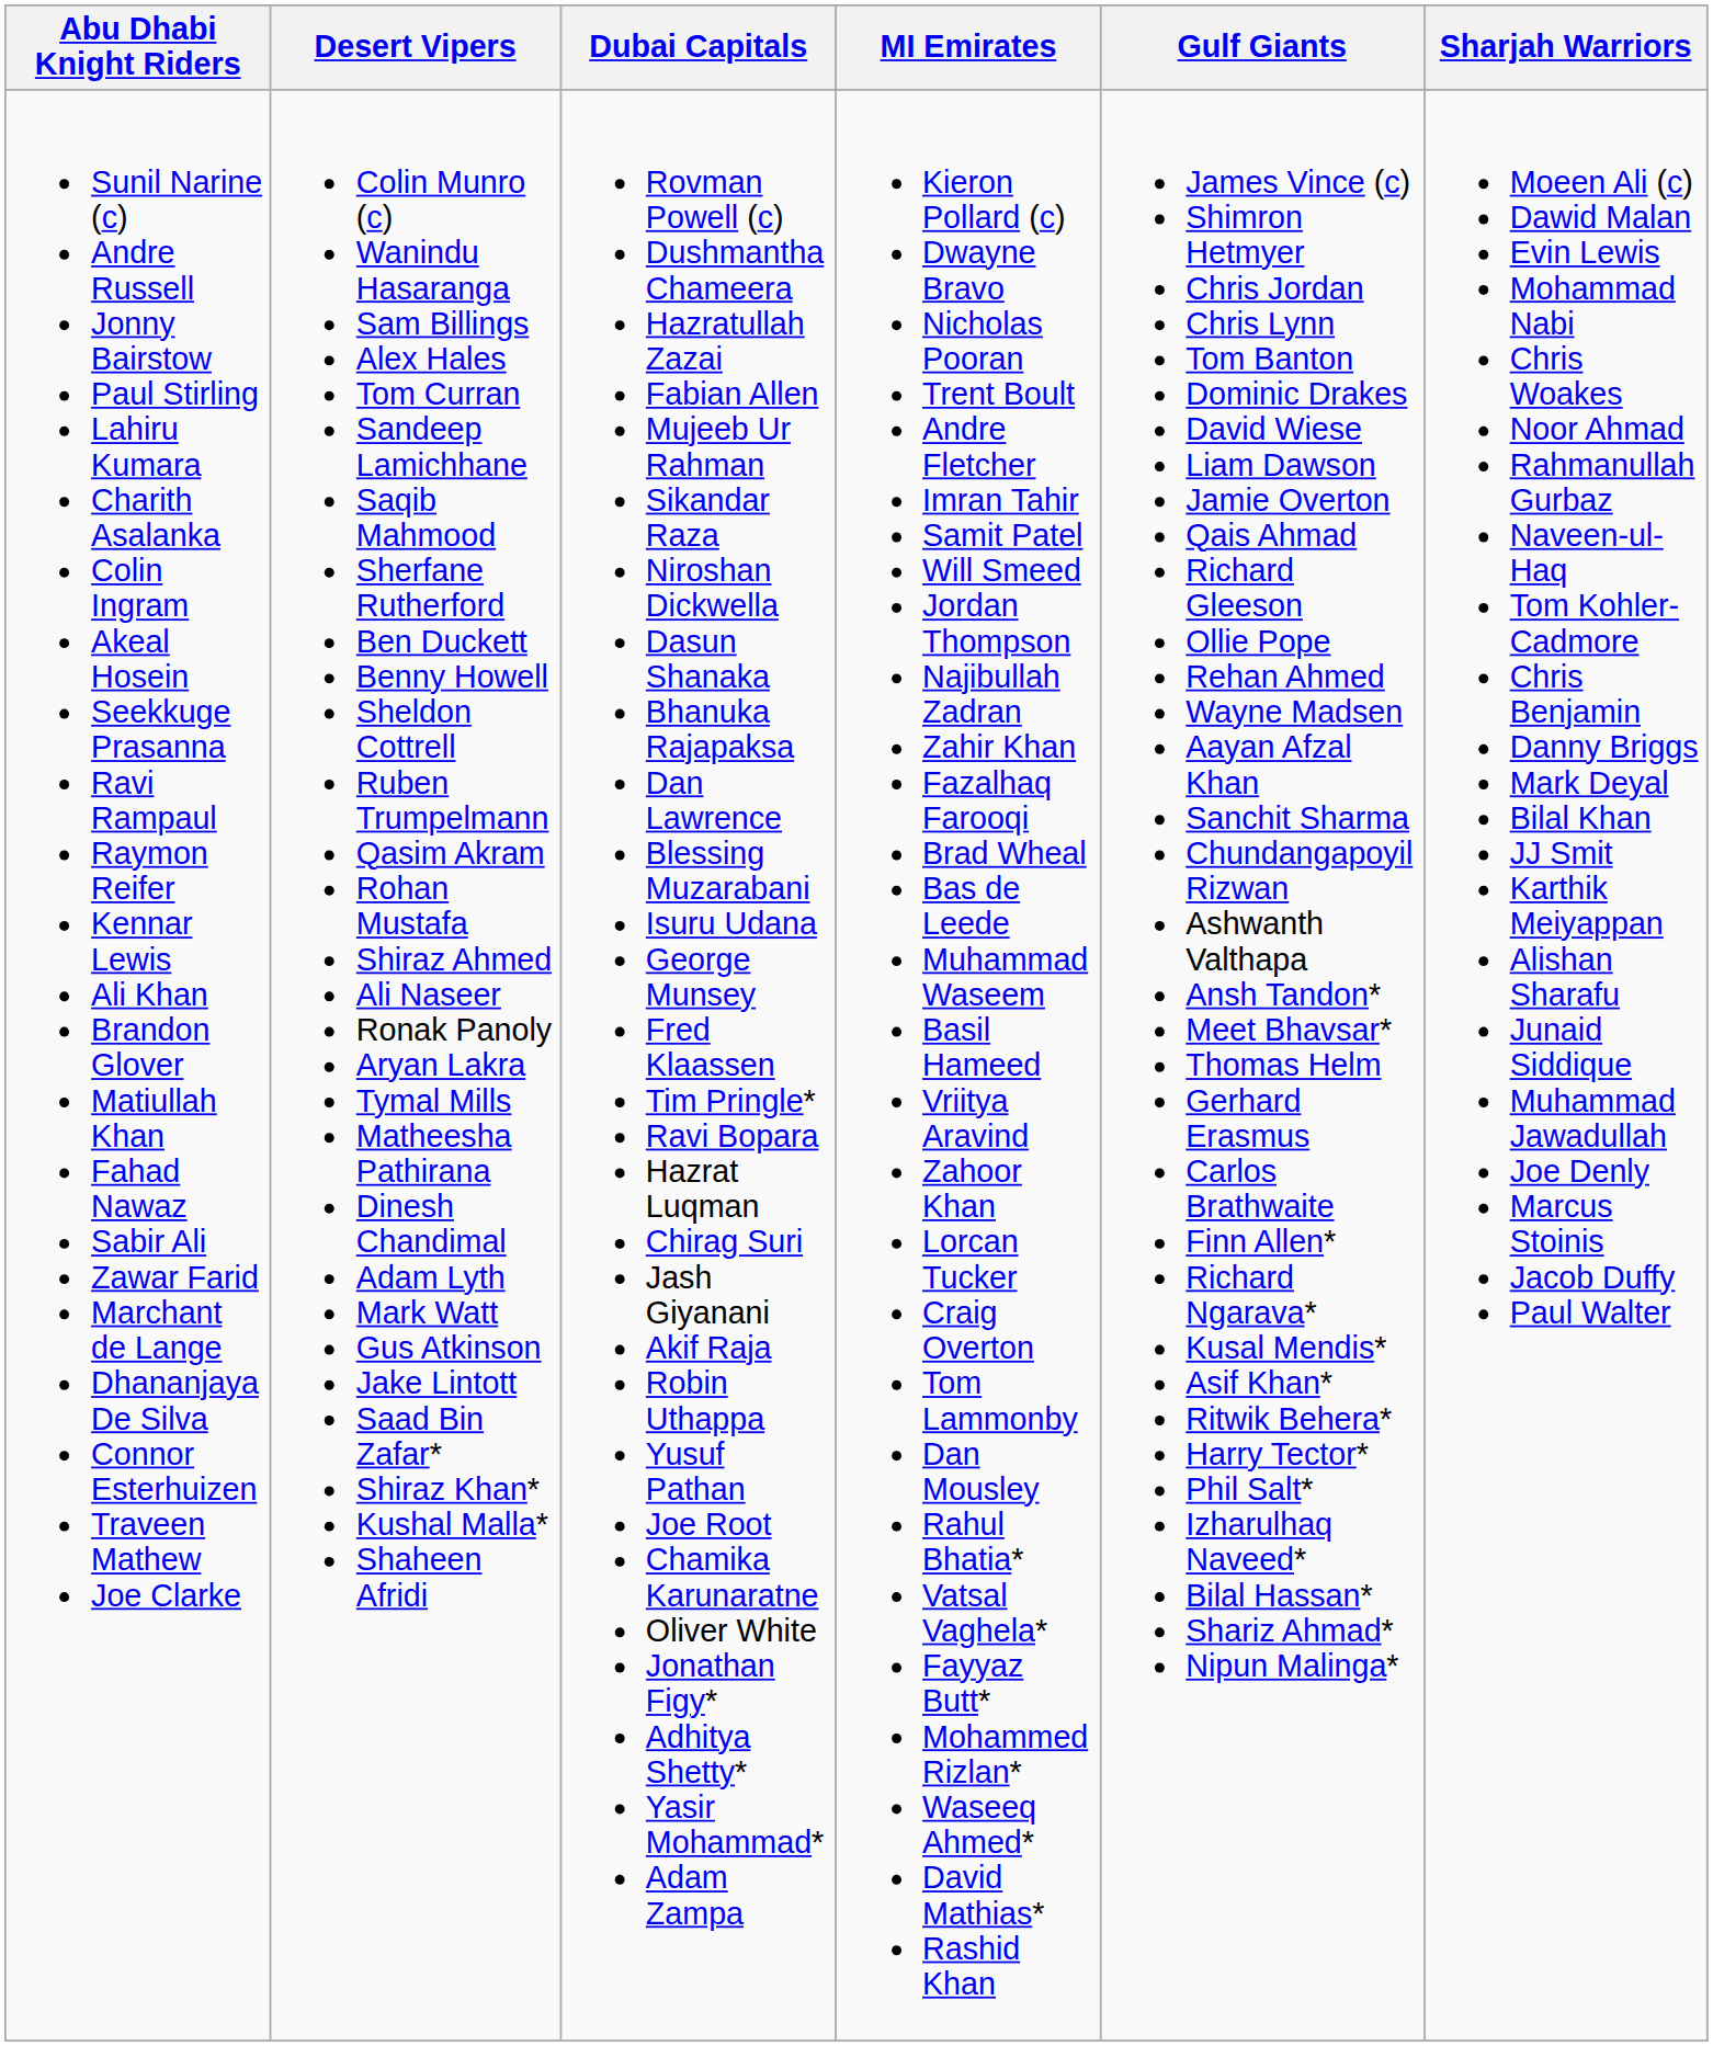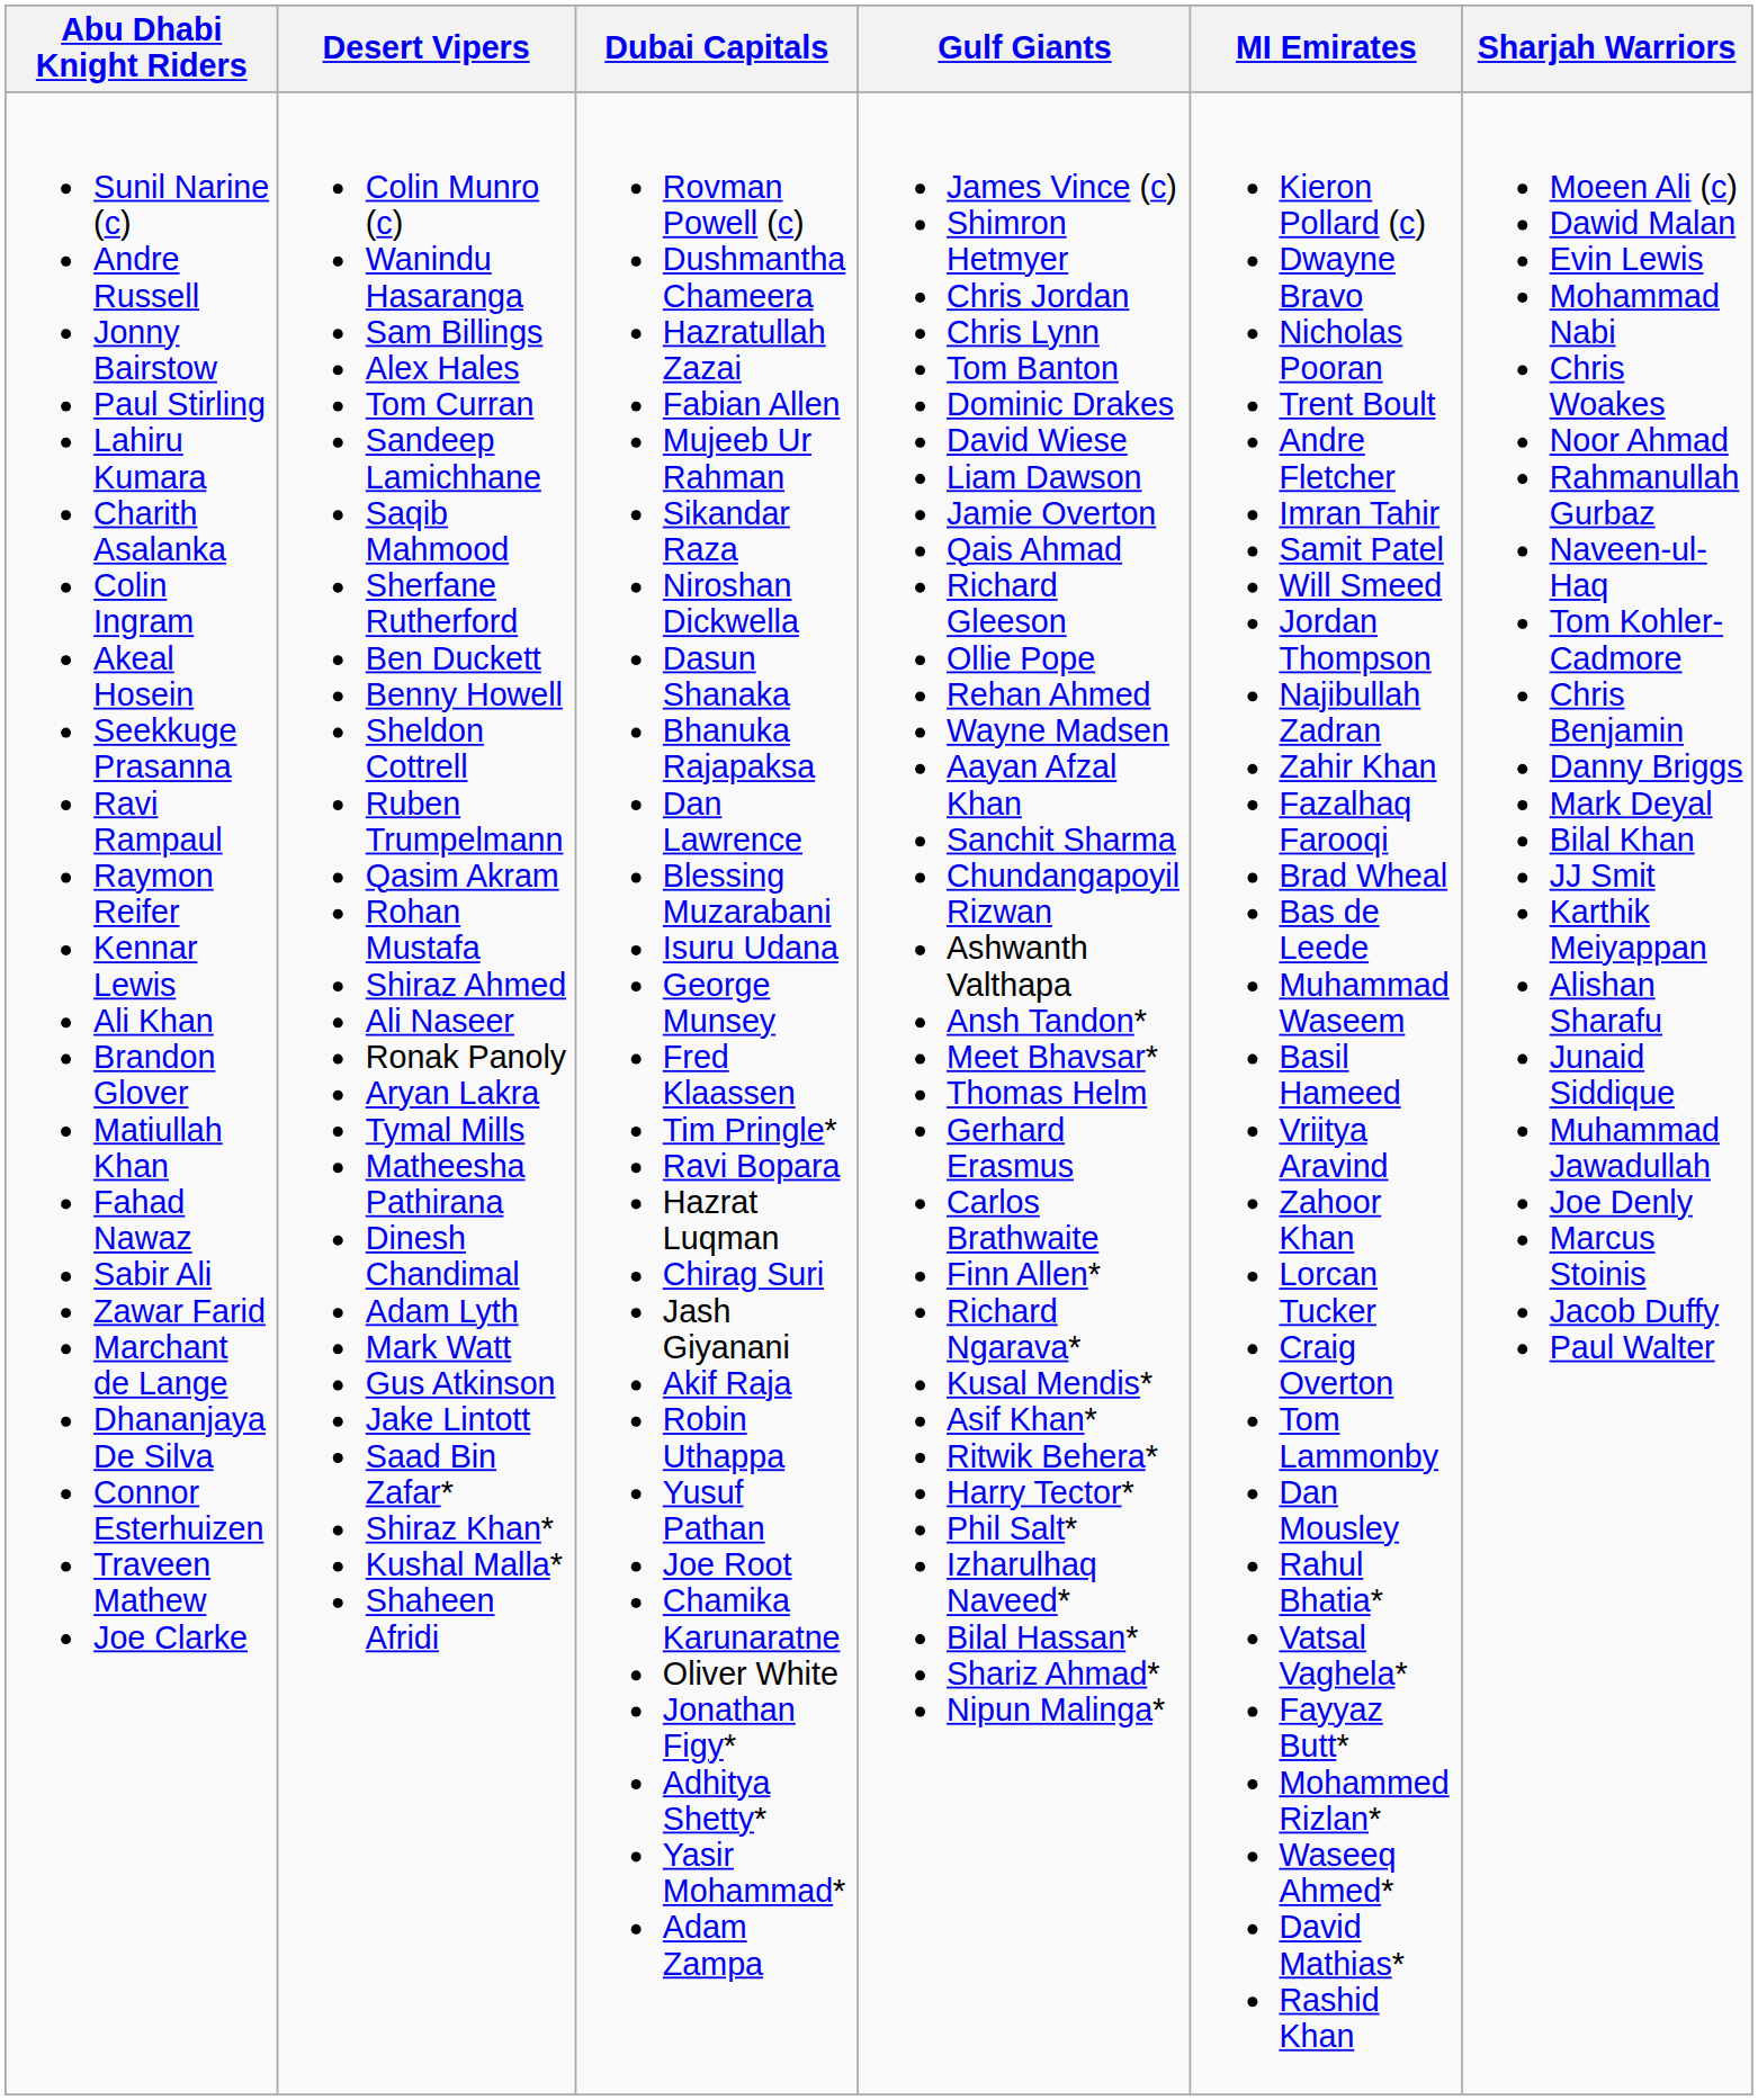 <table class="wikitable">
 <tr>
 <th><a href='#'>Abu Dhabi Knight Riders</a><br><small></small></th>
 <th><a href='#'>Desert Vipers</a><br><small></small></th>
 <th><a href='#'>Dubai Capitals</a><br><small></small></th>
+<th><a href='#'>Gulf Giants</a><br><small></small></th>
 <th><a href='#'>MI Emirates</a><br><small></small></th>
-<th><a href='#'>Gulf Giants</a><br><small></small></th>
 <th><a href='#'>Sharjah Warriors</a><br><small></small></th>
 </tr>
 <tr>
 <td valign="top"><br><ul><li><a href='#'>Sunil Narine</a> (<a href='#'>c</a>)</li><li><a href='#'>Andre Russell</a></li><li><a href='#'>Jonny Bairstow</a></li><li><a href='#'>Paul Stirling</a></li><li><a href='#'>Lahiru Kumara</a></li><li><a href='#'>Charith Asalanka</a></li><li><a href='#'>Colin Ingram</a></li><li><a href='#'>Akeal Hosein</a></li><li><a href='#'>Seekkuge Prasanna</a></li><li><a href='#'>Ravi Rampaul</a></li><li><a href='#'>Raymon Reifer</a></li><li><a href='#'>Kennar Lewis</a></li><li><a href='#'>Ali Khan</a></li><li><a href='#'>Brandon Glover</a></li><li><a href='#'>Matiullah Khan</a></li><li><a href='#'>Fahad Nawaz</a></li><li><a href='#'>Sabir Ali</a></li><li><a href='#'>Zawar Farid</a></li><li><a href='#'>Marchant de Lange</a></li><li><a href='#'>Dhananjaya De Silva</a></li><li><a href='#'>Connor Esterhuizen</a></li><li><a href='#'>Traveen Mathew</a></li><li><a href='#'>Joe Clarke</a></li></ul></td>
 <td valign="top"><br><ul><li><a href='#'>Colin Munro</a> (<a href='#'>c</a>)</li><li><a href='#'>Wanindu Hasaranga</a></li><li><a href='#'>Sam Billings</a></li><li><a href='#'>Alex Hales</a></li><li><a href='#'>Tom Curran</a></li><li><a href='#'>Sandeep Lamichhane</a></li><li><a href='#'>Saqib Mahmood</a></li><li><a href='#'>Sherfane Rutherford</a></li><li><a href='#'>Ben Duckett</a></li><li><a href='#'>Benny Howell</a></li><li><a href='#'>Sheldon Cottrell</a></li><li><a href='#'>Ruben Trumpelmann</a></li><li><a href='#'>Qasim Akram</a></li><li><a href='#'>Rohan Mustafa</a></li><li><a href='#'>Shiraz Ahmed</a></li><li><a href='#'>Ali Naseer</a></li><li>Ronak Panoly</li><li><a href='#'>Aryan Lakra</a></li><li><a href='#'>Tymal Mills</a></li><li><a href='#'>Matheesha Pathirana</a></li><li><a href='#'>Dinesh Chandimal</a></li><li><a href='#'>Adam Lyth</a></li><li><a href='#'>Mark Watt</a></li><li><a href='#'>Gus Atkinson</a></li><li><a href='#'>Jake Lintott</a></li><li><a href='#'>Saad Bin Zafar</a>*</li><li><a href='#'>Shiraz Khan</a>*</li><li><a href='#'>Kushal Malla</a>*</li><li><a href='#'>Shaheen Afridi</a></li></ul></td>
 <td valign="top"><br><ul><li><a href='#'>Rovman Powell</a> (<a href='#'>c</a>)</li><li><a href='#'>Dushmantha Chameera</a></li><li><a href='#'>Hazratullah Zazai</a></li><li><a href='#'>Fabian Allen</a></li><li><a href='#'>Mujeeb Ur Rahman</a></li><li><a href='#'>Sikandar Raza</a></li><li><a href='#'>Niroshan Dickwella</a></li><li><a href='#'>Dasun Shanaka</a></li><li><a href='#'>Bhanuka Rajapaksa</a></li><li><a href='#'>Dan Lawrence</a></li><li><a href='#'>Blessing Muzarabani</a></li><li><a href='#'>Isuru Udana</a></li><li><a href='#'>George Munsey</a></li><li><a href='#'>Fred Klaassen</a></li><li><a href='#'>Tim Pringle</a>*</li><li><a href='#'>Ravi Bopara</a></li><li>Hazrat Luqman</li><li><a href='#'>Chirag Suri</a></li><li>Jash Giyanani</li><li><a href='#'>Akif Raja</a></li><li><a href='#'>Robin Uthappa</a></li><li><a href='#'>Yusuf Pathan</a></li><li><a href='#'>Joe Root</a></li><li><a href='#'>Chamika Karunaratne</a></li><li>Oliver White</li><li><a href='#'>Jonathan Figy</a>*</li><li><a href='#'>Adhitya Shetty</a>*</li><li><a href='#'>Yasir Mohammad</a>*</li><li><a href='#'>Adam Zampa</a></li></ul></td>
+<td valign="top"><br><ul><li><a href='#'>James Vince</a> (<a href='#'>c</a>)</li><li><a href='#'>Shimron Hetmyer</a></li><li><a href='#'>Chris Jordan</a></li><li><a href='#'>Chris Lynn</a></li><li><a href='#'>Tom Banton</a></li><li><a href='#'>Dominic Drakes</a></li><li><a href='#'>David Wiese</a></li><li><a href='#'>Liam Dawson</a></li><li><a href='#'>Jamie Overton</a></li><li><a href='#'>Qais Ahmad</a></li><li><a href='#'>Richard Gleeson</a></li><li><a href='#'>Ollie Pope</a></li><li><a href='#'>Rehan Ahmed</a></li><li><a href='#'>Wayne Madsen</a></li><li><a href='#'>Aayan Afzal Khan</a></li><li><a href='#'>Sanchit Sharma</a></li><li><a href='#'>Chundangapoyil Rizwan</a></li><li>Ashwanth Valthapa</li><li><a href='#'>Ansh Tandon</a>*</li><li><a href='#'>Meet Bhavsar</a>*</li><li><a href='#'>Thomas Helm</a></li><li><a href='#'>Gerhard Erasmus</a></li><li><a href='#'>Carlos Brathwaite</a></li><li><a href='#'>Finn Allen</a>*</li><li><a href='#'>Richard Ngarava</a>*</li><li><a href='#'>Kusal Mendis</a>*</li><li><a href='#'>Asif Khan</a>*</li><li><a href='#'>Ritwik Behera</a>*</li><li><a href='#'>Harry Tector</a>*</li><li><a href='#'>Phil Salt</a>*</li><li><a href='#'>Izharulhaq Naveed</a>*</li><li><a href='#'>Bilal Hassan</a>*</li><li><a href='#'>Shariz Ahmad</a>*</li><li><a href='#'>Nipun Malinga</a>*</li></ul></td>
 <td valign="top"><br><ul><li><a href='#'>Kieron Pollard</a> (<a href='#'>c</a>)</li><li><a href='#'>Dwayne Bravo</a></li><li><a href='#'>Nicholas Pooran</a></li><li><a href='#'>Trent Boult</a></li><li><a href='#'>Andre Fletcher</a></li><li><a href='#'>Imran Tahir</a></li><li><a href='#'>Samit Patel</a></li><li><a href='#'>Will Smeed</a></li><li><a href='#'>Jordan Thompson</a></li><li><a href='#'>Najibullah Zadran</a></li><li><a href='#'>Zahir Khan</a></li><li><a href='#'>Fazalhaq Farooqi</a></li><li><a href='#'>Brad Wheal</a></li><li><a href='#'>Bas de Leede</a></li><li><a href='#'>Muhammad Waseem</a></li><li><a href='#'>Basil Hameed</a></li><li><a href='#'>Vriitya Aravind</a></li><li><a href='#'>Zahoor Khan</a></li><li><a href='#'>Lorcan Tucker</a></li><li><a href='#'>Craig Overton</a></li><li><a href='#'>Tom Lammonby</a></li><li><a href='#'>Dan Mousley</a></li><li><a href='#'>Rahul Bhatia</a>*</li><li><a href='#'>Vatsal Vaghela</a>*</li><li><a href='#'>Fayyaz Butt</a>*</li><li><a href='#'>Mohammed Rizlan</a>*</li><li><a href='#'>Waseeq Ahmed</a>*</li><li><a href='#'>David Mathias</a>*</li><li><a href='#'>Rashid Khan</a></li></ul></td>
-<td valign="top"><br><ul><li><a href='#'>James Vince</a> (<a href='#'>c</a>)</li><li><a href='#'>Shimron Hetmyer</a></li><li><a href='#'>Chris Jordan</a></li><li><a href='#'>Chris Lynn</a></li><li><a href='#'>Tom Banton</a></li><li><a href='#'>Dominic Drakes</a></li><li><a href='#'>David Wiese</a></li><li><a href='#'>Liam Dawson</a></li><li><a href='#'>Jamie Overton</a></li><li><a href='#'>Qais Ahmad</a></li><li><a href='#'>Richard Gleeson</a></li><li><a href='#'>Ollie Pope</a></li><li><a href='#'>Rehan Ahmed</a></li><li><a href='#'>Wayne Madsen</a></li><li><a href='#'>Aayan Afzal Khan</a></li><li><a href='#'>Sanchit Sharma</a></li><li><a href='#'>Chundangapoyil Rizwan</a></li><li>Ashwanth Valthapa</li><li><a href='#'>Ansh Tandon</a>*</li><li><a href='#'>Meet Bhavsar</a>*</li><li><a href='#'>Thomas Helm</a></li><li><a href='#'>Gerhard Erasmus</a></li><li><a href='#'>Carlos Brathwaite</a></li><li><a href='#'>Finn Allen</a>*</li><li><a href='#'>Richard Ngarava</a>*</li><li><a href='#'>Kusal Mendis</a>*</li><li><a href='#'>Asif Khan</a>*</li><li><a href='#'>Ritwik Behera</a>*</li><li><a href='#'>Harry Tector</a>*</li><li><a href='#'>Phil Salt</a>*</li><li><a href='#'>Izharulhaq Naveed</a>*</li><li><a href='#'>Bilal Hassan</a>*</li><li><a href='#'>Shariz Ahmad</a>*</li><li><a href='#'>Nipun Malinga</a>*</li></ul></td>
 <td valign="top"><br><ul><li><a href='#'>Moeen Ali</a> (<a href='#'>c</a>)</li><li><a href='#'>Dawid Malan</a></li><li><a href='#'>Evin Lewis</a></li><li><a href='#'>Mohammad Nabi</a></li><li><a href='#'>Chris Woakes</a></li><li><a href='#'>Noor Ahmad</a></li><li><a href='#'>Rahmanullah Gurbaz</a></li><li><a href='#'>Naveen-ul-Haq</a></li><li><a href='#'>Tom Kohler-Cadmore</a></li><li><a href='#'>Chris Benjamin</a></li><li><a href='#'>Danny Briggs</a></li><li><a href='#'>Mark Deyal</a></li><li><a href='#'>Bilal Khan</a></li><li><a href='#'>JJ Smit</a></li><li><a href='#'>Karthik Meiyappan</a></li><li><a href='#'>Alishan Sharafu</a></li><li><a href='#'>Junaid Siddique</a></li><li><a href='#'>Muhammad Jawadullah</a></li><li><a href='#'>Joe Denly</a></li><li><a href='#'>Marcus Stoinis</a></li><li><a href='#'>Jacob Duffy</a></li><li><a href='#'>Paul Walter</a></li></ul></td>
 </tr>
 </table>
